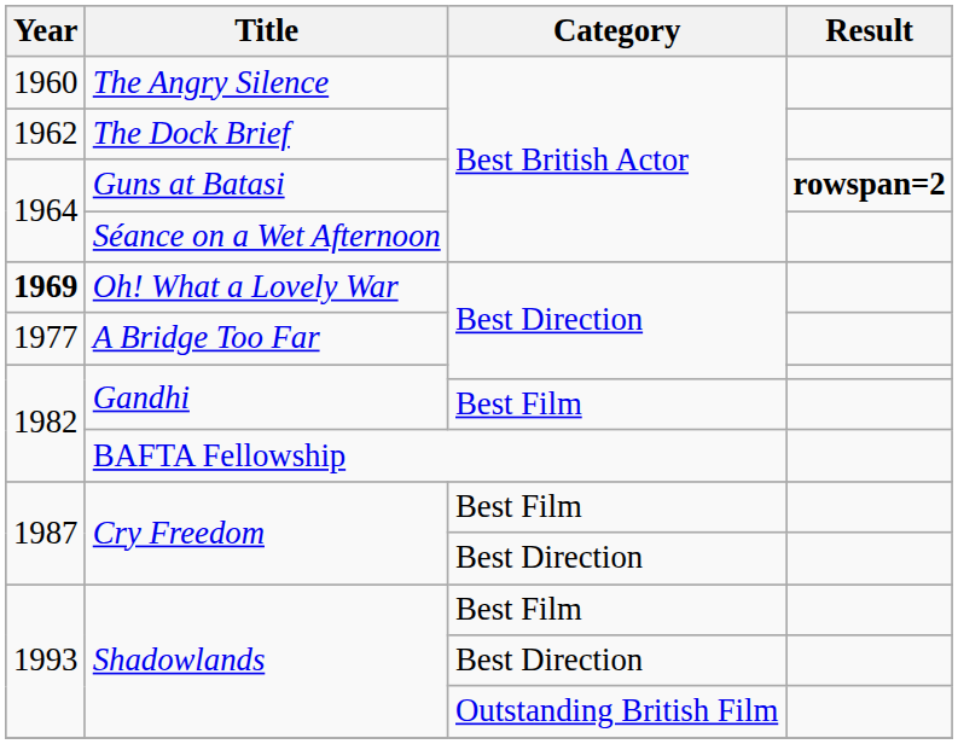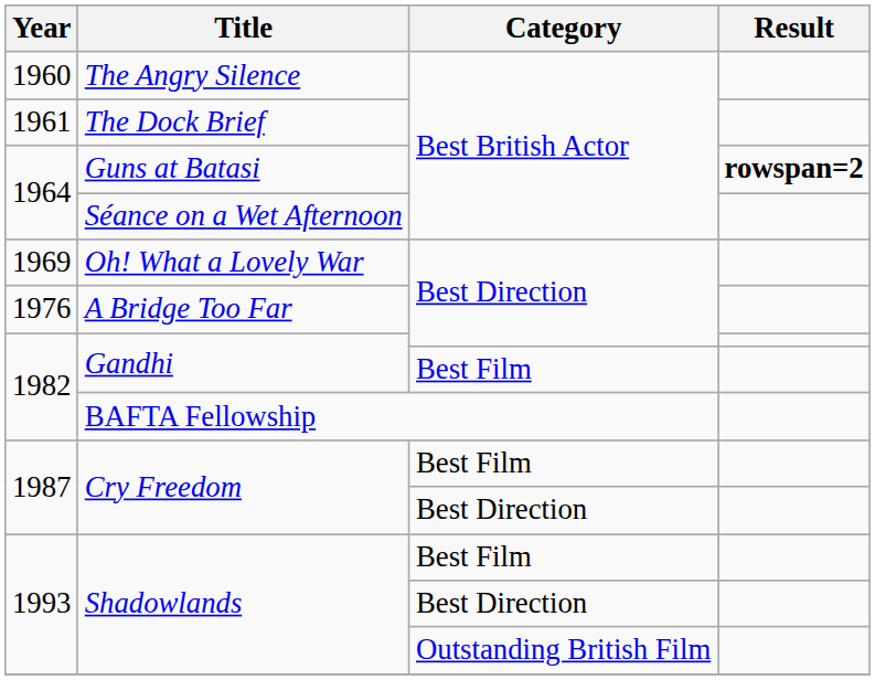 <table class="wikitable">
 <tr>
 <th>Year</th>
 <th>Title</th>
 <th>Category</th>
 <th>Result</th>
 </tr>
 <tr>
 <td>1960</td>
 <td><em><a href='#'>The Angry Silence</a></em></td>
 <td rowspan=4><a href='#'>Best British Actor</a></td>
 <td></td>
 </tr>
 <tr>
-<td>1962</td>
+<td>1961</td>
 <td><em><a href='#'>The Dock Brief</a></em></td>
 <td></td>
 </tr>
 <tr>
 <td rowspan=2>1964</td>
 <td><em><a href='#'>Guns at Batasi</a></em></td>
 <td><strong>rowspan=2 </strong></td>
 </tr>
 <tr>
 <td><em><a href='#'>Séance on a Wet Afternoon</a></em></td>
 </tr>
 <tr>
-<td><strong>1969</strong></td>
+<td>1969</td>
 <td><em><a href='#'>Oh! What a Lovely War</a></em></td>
 <td rowspan=3><a href='#'>Best Direction</a></td>
 <td></td>
 </tr>
 <tr>
-<td>1977</td>
+<td>1976</td>
 <td><em><a href='#'>A Bridge Too Far</a></em></td>
 <td></td>
 </tr>
 <tr>
 <td rowspan=3>1982</td>
 <td rowspan=2><em><a href='#'>Gandhi</a></em></td>
 <td></td>
 </tr>
 <tr>
 <td><a href='#'>Best Film</a></td>
 <td></td>
 </tr>
 <tr>
 <td colspan=2><a href='#'>BAFTA Fellowship</a></td>
 <td></td>
 </tr>
 <tr>
 <td rowspan=2>1987</td>
 <td rowspan=2><em><a href='#'>Cry Freedom</a></em></td>
 <td>Best Film</td>
 <td></td>
 </tr>
 <tr>
 <td>Best Direction</td>
 <td></td>
 </tr>
 <tr>
 <td rowspan=3>1993</td>
 <td rowspan=3><em><a href='#'>Shadowlands</a></em></td>
 <td>Best Film</td>
 <td></td>
 </tr>
 <tr>
 <td>Best Direction</td>
 <td></td>
 </tr>
 <tr>
 <td><a href='#'>Outstanding British Film</a></td>
 <td></td>
 </tr>
 <tr>
 </tr>
 </table>
